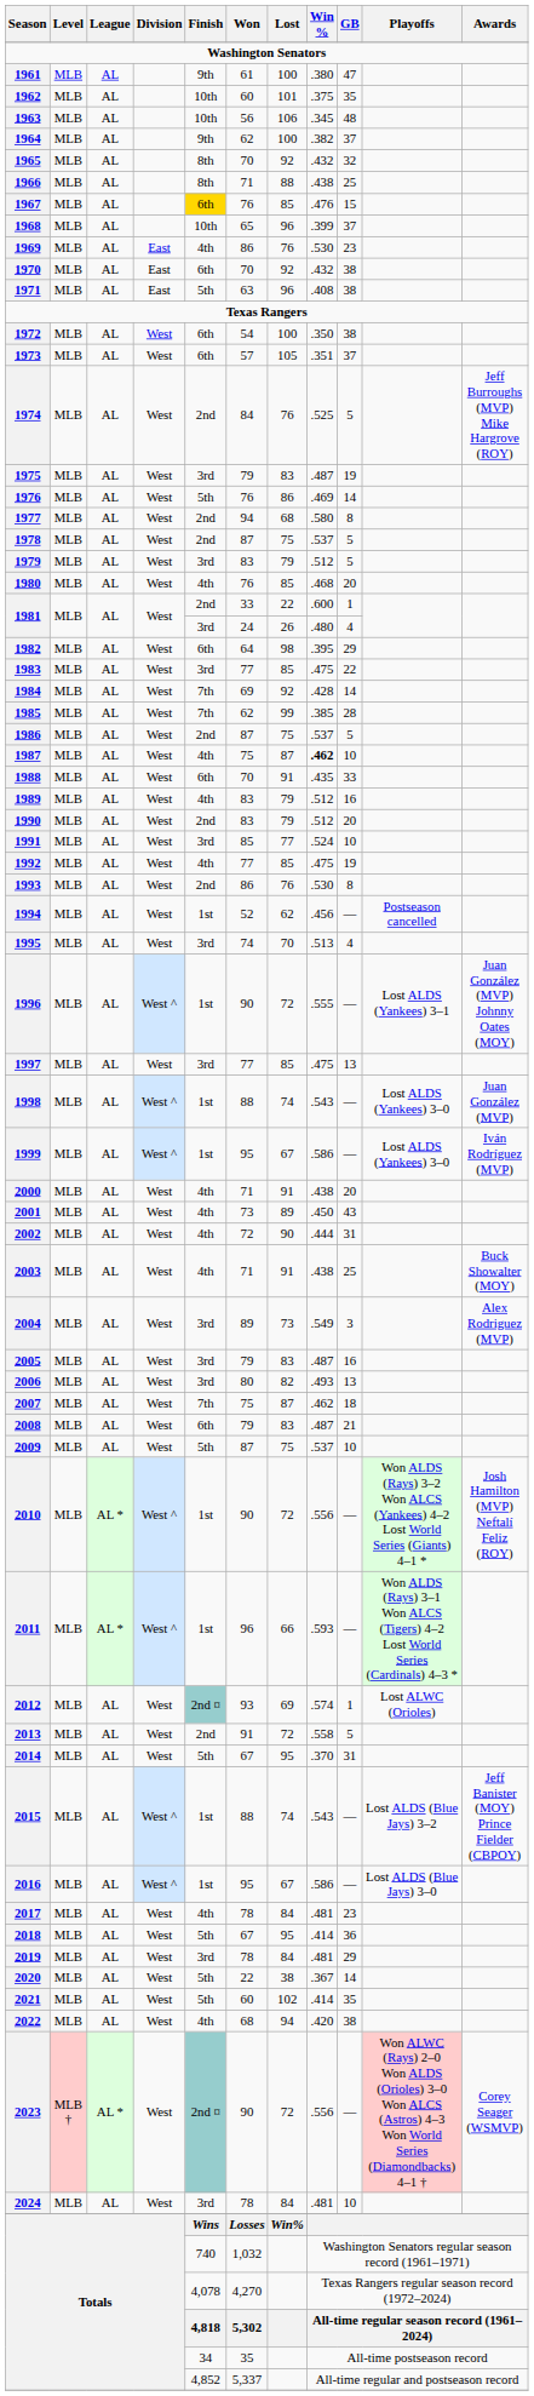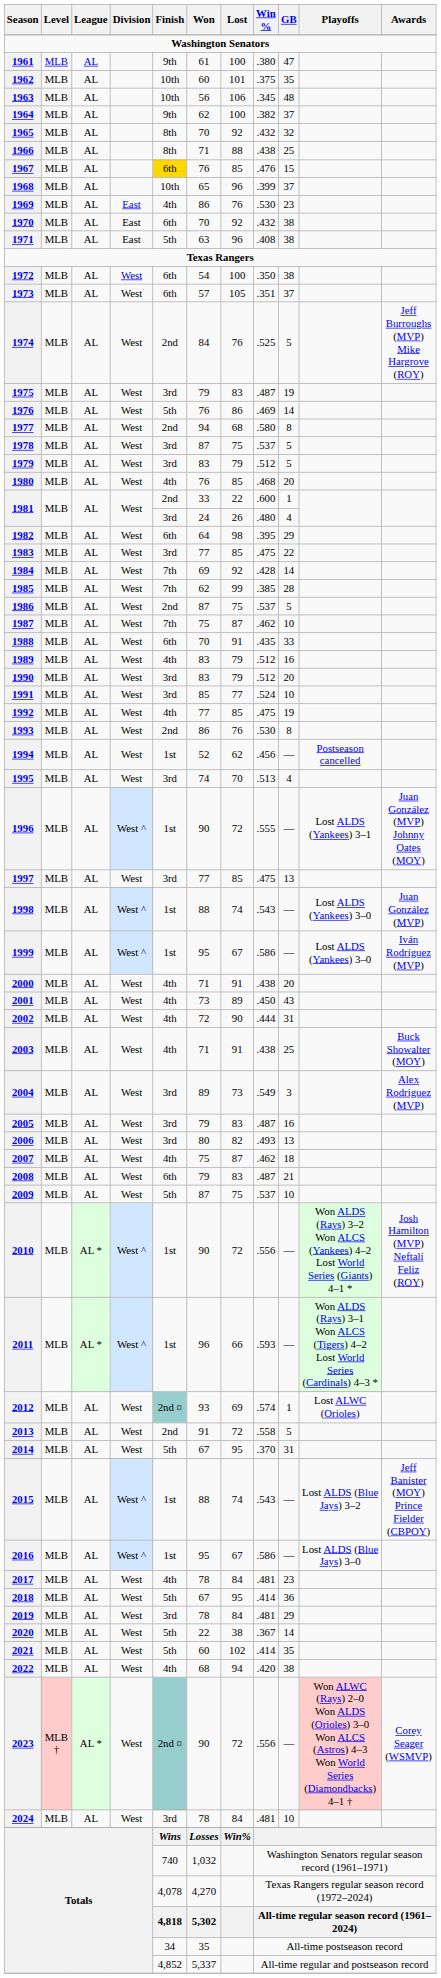 <table class="wikitable sortable plainrowheaders" style="text-align:center; font-size:95%">
 <tr>
 <th scope="col">Season</th>
 <th scope="col">Level</th>
 <th scope="col">League</th>
 <th scope="col">Division</th>
 <th scope="col">Finish</th>
 <th scope="col">Won</th>
 <th scope="col">Lost</th>
 <th scope="col"><a href='#'>Win %</a></th>
 <th scope="col"><a href='#'>GB</a></th>
 <th scope="col">Playoffs</th>
 <th scope="col">Awards</th>
 </tr>
 <tr>
 </tr>
 <tr>
 <td colspan="11"><strong>Washington Senators</strong></td>
 </tr>
 <tr>
 <th scope="row" style="text-align:center;"><a href='#'>1961</a></th>
 <td><a href='#'>MLB</a></td>
 <td><a href='#'>AL</a></td>
 <td></td>
 <td>9th</td>
 <td>61</td>
 <td>100</td>
 <td>.380</td>
 <td>47</td>
 <td></td>
 <td></td>
 </tr>
 <tr>
 <th scope="row" style="text-align:center;"><a href='#'>1962</a></th>
 <td>MLB</td>
 <td>AL</td>
 <td></td>
 <td>10th</td>
 <td>60</td>
 <td>101</td>
 <td>.375</td>
 <td>35</td>
 <td></td>
 <td></td>
 </tr>
 <tr>
 <th scope="row" style="text-align:center;"><a href='#'>1963</a></th>
 <td>MLB</td>
 <td>AL</td>
 <td></td>
 <td>10th</td>
 <td>56</td>
 <td>106</td>
 <td>.345</td>
 <td>48</td>
 <td></td>
 <td></td>
 </tr>
 <tr>
 <th scope="row" style="text-align:center;"><a href='#'>1964</a></th>
 <td>MLB</td>
 <td>AL</td>
 <td></td>
 <td>9th</td>
 <td>62</td>
 <td>100</td>
 <td>.382</td>
 <td>37</td>
 <td></td>
 <td></td>
 </tr>
 <tr>
 <th scope="row" style="text-align:center;"><a href='#'>1965</a></th>
 <td>MLB</td>
 <td>AL</td>
 <td></td>
 <td>8th</td>
 <td>70</td>
 <td>92</td>
 <td>.432</td>
 <td>32</td>
 <td></td>
 <td></td>
 </tr>
 <tr>
 <th scope="row" style="text-align:center;"><a href='#'>1966</a></th>
 <td>MLB</td>
 <td>AL</td>
 <td></td>
 <td>8th</td>
 <td>71</td>
 <td>88</td>
 <td>.438</td>
 <td>25</td>
 <td></td>
 <td></td>
 </tr>
 <tr>
 <th scope="row" style="text-align:center;"><a href='#'>1967</a></th>
 <td>MLB</td>
 <td>AL</td>
 <td></td>
 <td style="background: gold;">6th</td>
 <td>76</td>
 <td>85</td>
 <td>.476</td>
 <td>15</td>
 <td></td>
 <td></td>
 </tr>
 <tr>
 <th scope="row" style="text-align:center;"><a href='#'>1968</a></th>
 <td>MLB</td>
 <td>AL</td>
 <td></td>
 <td>10th</td>
 <td>65</td>
 <td>96</td>
 <td>.399</td>
 <td>37</td>
 <td></td>
 <td></td>
 </tr>
 <tr>
 <th scope="row" style="text-align:center;"><a href='#'>1969</a></th>
 <td>MLB</td>
 <td>AL</td>
 <td><a href='#'>East</a></td>
 <td>4th</td>
 <td>86</td>
 <td>76</td>
 <td>.530</td>
 <td>23</td>
 <td></td>
 <td></td>
 </tr>
 <tr>
 <th scope="row" style="text-align:center;"><a href='#'>1970</a></th>
 <td>MLB</td>
 <td>AL</td>
 <td>East</td>
 <td>6th</td>
 <td>70</td>
 <td>92</td>
 <td>.432</td>
 <td>38</td>
 <td></td>
 <td></td>
 </tr>
 <tr>
 <th scope="row" style="text-align:center;"><a href='#'>1971</a></th>
 <td>MLB</td>
 <td>AL</td>
 <td>East</td>
 <td>5th</td>
 <td>63</td>
 <td>96</td>
 <td>.408</td>
 <td>38</td>
 <td></td>
 <td></td>
 </tr>
 <tr>
 <td colspan="11"><strong>Texas Rangers</strong></td>
 </tr>
 <tr>
 <th scope="row" style="text-align:center;"><a href='#'>1972</a></th>
 <td>MLB</td>
 <td>AL</td>
 <td><a href='#'>West</a></td>
 <td>6th</td>
 <td>54</td>
 <td>100</td>
 <td>.350</td>
 <td>38</td>
 <td></td>
 <td></td>
 </tr>
 <tr>
 <th scope="row" style="text-align:center;"><a href='#'>1973</a></th>
 <td>MLB</td>
 <td>AL</td>
 <td>West</td>
 <td>6th</td>
 <td>57</td>
 <td>105</td>
 <td>.351</td>
 <td>37</td>
 <td></td>
 <td></td>
 </tr>
 <tr>
 <th scope="row" style="text-align:center;"><a href='#'>1974</a></th>
 <td>MLB</td>
 <td>AL</td>
 <td>West</td>
 <td>2nd</td>
 <td>84</td>
 <td>76</td>
 <td>.525</td>
 <td>5</td>
 <td></td>
 <td><a href='#'>Jeff Burroughs</a> (<a href='#'>MVP</a>)<br><a href='#'>Mike Hargrove</a> (<a href='#'>ROY</a>)</td>
 </tr>
 <tr>
 <th scope="row" style="text-align:center;"><a href='#'>1975</a></th>
 <td>MLB</td>
 <td>AL</td>
 <td>West</td>
 <td>3rd</td>
 <td>79</td>
 <td>83</td>
 <td>.487</td>
 <td>19</td>
 <td></td>
 <td></td>
 </tr>
 <tr>
 <th scope="row" style="text-align:center;"><a href='#'>1976</a></th>
 <td>MLB</td>
 <td>AL</td>
 <td>West</td>
 <td>5th</td>
 <td>76</td>
 <td>86</td>
 <td>.469</td>
 <td>14</td>
 <td></td>
 <td></td>
 </tr>
 <tr>
 <th scope="row" style="text-align:center;"><a href='#'>1977</a></th>
 <td>MLB</td>
 <td>AL</td>
 <td>West</td>
 <td>2nd</td>
 <td>94</td>
 <td>68</td>
 <td>.580</td>
 <td>8</td>
 <td></td>
 <td></td>
 </tr>
 <tr>
 <th scope="row" style="text-align:center;"><a href='#'>1978</a></th>
 <td>MLB</td>
 <td>AL</td>
 <td>West</td>
-<td>2nd</td>
+<td>3rd</td>
 <td>87</td>
 <td>75</td>
 <td>.537</td>
 <td>5</td>
 <td></td>
 <td></td>
 </tr>
 <tr>
 <th scope="row" style="text-align:center;"><a href='#'>1979</a></th>
 <td>MLB</td>
 <td>AL</td>
 <td>West</td>
 <td>3rd</td>
 <td>83</td>
 <td>79</td>
 <td>.512</td>
 <td>5</td>
 <td></td>
 <td></td>
 </tr>
 <tr>
 <th scope="row" style="text-align:center;"><a href='#'>1980</a></th>
 <td>MLB</td>
 <td>AL</td>
 <td>West</td>
 <td>4th</td>
 <td>76</td>
 <td>85</td>
 <td>.468</td>
 <td>20</td>
 <td></td>
 <td></td>
 </tr>
 <tr>
 <th scope="row" style="text-align:center;" rowspan="2"><a href='#'>1981</a></th>
 <td rowspan="2">MLB</td>
 <td rowspan="2">AL</td>
 <td rowspan="2">West</td>
 <td>2nd</td>
 <td>33</td>
 <td>22</td>
 <td>.600</td>
 <td>1</td>
 <td rowspan="2"></td>
 <td rowspan="2"></td>
 </tr>
 <tr>
 <td>3rd</td>
 <td>24</td>
 <td>26</td>
 <td>.480</td>
 <td>4</td>
 </tr>
 <tr>
 <th scope="row" style="text-align:center;"><a href='#'>1982</a></th>
 <td>MLB</td>
 <td>AL</td>
 <td>West</td>
 <td>6th</td>
 <td>64</td>
 <td>98</td>
 <td>.395</td>
 <td>29</td>
 <td></td>
 <td></td>
 </tr>
 <tr>
 <th scope="row" style="text-align:center;"><a href='#'>1983</a></th>
 <td>MLB</td>
 <td>AL</td>
 <td>West</td>
 <td>3rd</td>
 <td>77</td>
 <td>85</td>
 <td>.475</td>
 <td>22</td>
 <td></td>
 <td></td>
 </tr>
 <tr>
 <th scope="row" style="text-align:center;"><a href='#'>1984</a></th>
 <td>MLB</td>
 <td>AL</td>
 <td>West</td>
 <td>7th</td>
 <td>69</td>
 <td>92</td>
 <td>.428</td>
 <td>14</td>
 <td></td>
 <td></td>
 </tr>
 <tr>
 <th scope="row" style="text-align:center;"><a href='#'>1985</a></th>
 <td>MLB</td>
 <td>AL</td>
 <td>West</td>
 <td>7th</td>
 <td>62</td>
 <td>99</td>
 <td>.385</td>
 <td>28</td>
 <td></td>
 <td></td>
 </tr>
 <tr>
 <th scope="row" style="text-align:center;"><a href='#'>1986</a></th>
 <td>MLB</td>
 <td>AL</td>
 <td>West</td>
 <td>2nd</td>
 <td>87</td>
 <td>75</td>
 <td>.537</td>
 <td>5</td>
 <td></td>
 <td></td>
 </tr>
 <tr>
 <th scope="row" style="text-align:center;"><a href='#'>1987</a></th>
 <td>MLB</td>
 <td>AL</td>
 <td>West</td>
-<td>4th</td>
+<td>7th</td>
 <td>75</td>
 <td>87</td>
-<td><strong>.462</strong></td>
+<td>.462</td>
 <td>10</td>
 <td></td>
 <td></td>
 </tr>
 <tr>
 <th scope="row" style="text-align:center;"><a href='#'>1988</a></th>
 <td>MLB</td>
 <td>AL</td>
 <td>West</td>
 <td>6th</td>
 <td>70</td>
 <td>91</td>
 <td>.435</td>
 <td>33</td>
 <td></td>
 <td></td>
 </tr>
 <tr>
 <th scope="row" style="text-align:center;"><a href='#'>1989</a></th>
 <td>MLB</td>
 <td>AL</td>
 <td>West</td>
 <td>4th</td>
 <td>83</td>
 <td>79</td>
 <td>.512</td>
 <td>16</td>
 <td></td>
 <td></td>
 </tr>
 <tr>
 <th scope="row" style="text-align:center;"><a href='#'>1990</a></th>
 <td>MLB</td>
 <td>AL</td>
 <td>West</td>
-<td>2nd</td>
+<td>3rd</td>
 <td>83</td>
 <td>79</td>
 <td>.512</td>
 <td>20</td>
 <td></td>
 <td></td>
 </tr>
 <tr>
 <th scope="row" style="text-align:center;"><a href='#'>1991</a></th>
 <td>MLB</td>
 <td>AL</td>
 <td>West</td>
 <td>3rd</td>
 <td>85</td>
 <td>77</td>
 <td>.524</td>
 <td>10</td>
 <td></td>
 <td></td>
 </tr>
 <tr>
 <th scope="row" style="text-align:center;"><a href='#'>1992</a></th>
 <td>MLB</td>
 <td>AL</td>
 <td>West</td>
 <td>4th</td>
 <td>77</td>
 <td>85</td>
 <td>.475</td>
 <td>19</td>
 <td></td>
 <td></td>
 </tr>
 <tr>
 <th scope="row" style="text-align:center;"><a href='#'>1993</a></th>
 <td>MLB</td>
 <td>AL</td>
 <td>West</td>
 <td>2nd</td>
 <td>86</td>
 <td>76</td>
 <td>.530</td>
 <td>8</td>
 <td></td>
 <td></td>
 </tr>
 <tr>
 <th scope="row" style="text-align:center;"><a href='#'>1994</a></th>
 <td>MLB</td>
 <td>AL</td>
 <td>West</td>
 <td>1st</td>
 <td>52</td>
 <td>62</td>
 <td>.456</td>
 <td>—</td>
 <td><a href='#'>Postseason cancelled</a></td>
 <td></td>
 </tr>
 <tr>
 <th scope="row" style="text-align:center;"><a href='#'>1995</a></th>
 <td>MLB</td>
 <td>AL</td>
 <td>West</td>
 <td>3rd</td>
 <td>74</td>
 <td>70</td>
 <td>.513</td>
 <td>4</td>
 <td></td>
 <td></td>
 </tr>
 <tr>
 <th scope="row" style="text-align:center;"><a href='#'>1996</a></th>
 <td>MLB</td>
 <td>AL</td>
 <td style="background:#D0E7FF;">West ^</td>
 <td>1st</td>
 <td>90</td>
 <td>72</td>
 <td>.555</td>
 <td>—</td>
 <td>Lost <a href='#'>ALDS</a> (<a href='#'>Yankees</a>) 3–1</td>
 <td><a href='#'>Juan González</a> (<a href='#'>MVP</a>)<br><a href='#'>Johnny Oates</a> (<a href='#'>MOY</a>)</td>
 </tr>
 <tr>
 <th scope="row" style="text-align:center;"><a href='#'>1997</a></th>
 <td>MLB</td>
 <td>AL</td>
 <td>West</td>
 <td>3rd</td>
 <td>77</td>
 <td>85</td>
 <td>.475</td>
 <td>13</td>
 <td></td>
 <td></td>
 </tr>
 <tr>
 <th scope="row" style="text-align:center;"><a href='#'>1998</a></th>
 <td>MLB</td>
 <td>AL</td>
 <td style="background:#D0E7FF;">West ^</td>
 <td>1st</td>
 <td>88</td>
 <td>74</td>
 <td>.543</td>
 <td>—</td>
 <td>Lost <a href='#'>ALDS</a> (<a href='#'>Yankees</a>) 3–0</td>
 <td><a href='#'>Juan González</a> (<a href='#'>MVP</a>)</td>
 </tr>
 <tr>
 <th scope="row" style="text-align:center;"><a href='#'>1999</a></th>
 <td>MLB</td>
 <td>AL</td>
 <td style="background:#D0E7FF;">West ^</td>
 <td>1st</td>
 <td>95</td>
 <td>67</td>
 <td>.586</td>
 <td>—</td>
 <td>Lost <a href='#'>ALDS</a> (<a href='#'>Yankees</a>) 3–0</td>
 <td><a href='#'>Iván Rodríguez</a> (<a href='#'>MVP</a>)</td>
 </tr>
 <tr>
 <th scope="row" style="text-align:center;"><a href='#'>2000</a></th>
 <td>MLB</td>
 <td>AL</td>
 <td>West</td>
 <td>4th</td>
 <td>71</td>
 <td>91</td>
 <td>.438</td>
 <td>20</td>
 <td></td>
 <td></td>
 </tr>
 <tr>
 <th scope="row" style="text-align:center;"><a href='#'>2001</a></th>
 <td>MLB</td>
 <td>AL</td>
 <td>West</td>
 <td>4th</td>
 <td>73</td>
 <td>89</td>
 <td>.450</td>
 <td>43</td>
 <td></td>
 <td></td>
 </tr>
 <tr>
 <th scope="row" style="text-align:center;"><a href='#'>2002</a></th>
 <td>MLB</td>
 <td>AL</td>
 <td>West</td>
 <td>4th</td>
 <td>72</td>
 <td>90</td>
 <td>.444</td>
 <td>31</td>
 <td></td>
 <td></td>
 </tr>
 <tr>
 <th scope="row" style="text-align:center;"><a href='#'>2003</a></th>
 <td>MLB</td>
 <td>AL</td>
 <td>West</td>
 <td>4th</td>
 <td>71</td>
 <td>91</td>
 <td>.438</td>
 <td>25</td>
 <td></td>
 <td><a href='#'>Buck Showalter</a> (<a href='#'>MOY</a>)</td>
 </tr>
 <tr>
 <th scope="row" style="text-align:center;"><a href='#'>2004</a></th>
 <td>MLB</td>
 <td>AL</td>
 <td>West</td>
 <td>3rd</td>
 <td>89</td>
 <td>73</td>
 <td>.549</td>
 <td>3</td>
 <td></td>
 <td><a href='#'>Alex Rodriguez</a> (<a href='#'>MVP</a>)</td>
 </tr>
 <tr>
 <th scope="row" style="text-align:center;"><a href='#'>2005</a></th>
 <td>MLB</td>
 <td>AL</td>
 <td>West</td>
 <td>3rd</td>
 <td>79</td>
 <td>83</td>
 <td>.487</td>
 <td>16</td>
 <td></td>
 <td></td>
 </tr>
 <tr>
 <th scope="row" style="text-align:center;"><a href='#'>2006</a></th>
 <td>MLB</td>
 <td>AL</td>
 <td>West</td>
 <td>3rd</td>
 <td>80</td>
 <td>82</td>
 <td>.493</td>
 <td>13</td>
 <td></td>
 <td></td>
 </tr>
 <tr>
 <th scope="row" style="text-align:center;"><a href='#'>2007</a></th>
 <td>MLB</td>
 <td>AL</td>
 <td>West</td>
-<td>7th</td>
+<td>4th</td>
 <td>75</td>
 <td>87</td>
 <td>.462</td>
 <td>18</td>
 <td></td>
 <td></td>
 </tr>
 <tr>
 <th scope="row" style="text-align:center;"><a href='#'>2008</a></th>
 <td>MLB</td>
 <td>AL</td>
 <td>West</td>
 <td>6th</td>
 <td>79</td>
 <td>83</td>
 <td>.487</td>
 <td>21</td>
 <td></td>
 <td></td>
 </tr>
 <tr>
 <th scope="row" style="text-align:center;"><a href='#'>2009</a></th>
 <td>MLB</td>
 <td>AL</td>
 <td>West</td>
 <td>5th</td>
 <td>87</td>
 <td>75</td>
 <td>.537</td>
 <td>10</td>
 <td></td>
 <td></td>
 </tr>
 <tr>
 <th scope="row" style="text-align:center;"><a href='#'>2010</a></th>
 <td>MLB</td>
 <td style="background:#ddffdd;">AL *</td>
 <td style="background:#D0E7FF;">West ^</td>
 <td>1st</td>
 <td>90</td>
 <td>72</td>
 <td>.556</td>
 <td>—</td>
 <td bgcolor="#ddffdd">Won <a href='#'>ALDS</a> (<a href='#'>Rays</a>) 3–2<br>Won <a href='#'>ALCS</a> (<a href='#'>Yankees</a>) 4–2<br>Lost <a href='#'>World Series</a> (<a href='#'>Giants</a>) 4–1 *</td>
 <td><a href='#'>Josh Hamilton</a> (<a href='#'>MVP</a>)<br><a href='#'>Neftalí Feliz</a> (<a href='#'>ROY</a>)</td>
 </tr>
 <tr>
 <th scope="row" style="text-align:center;"><a href='#'>2011</a></th>
 <td>MLB</td>
 <td style="background:#ddffdd;">AL *</td>
 <td style="background:#D0E7FF;">West ^</td>
 <td>1st</td>
 <td>96</td>
 <td>66</td>
 <td>.593</td>
 <td>—</td>
 <td bgcolor="#ddffdd">Won <a href='#'>ALDS</a> (<a href='#'>Rays</a>) 3–1<br>Won <a href='#'>ALCS</a> (<a href='#'>Tigers</a>) 4–2<br>Lost <a href='#'>World Series</a> (<a href='#'>Cardinals</a>) 4–3 *</td>
 <td></td>
 </tr>
 <tr>
 <th scope="row" style="text-align:center;"><a href='#'>2012</a></th>
 <td>MLB</td>
 <td>AL</td>
 <td>West</td>
 <td style="background:#96CDCD;">2nd ¤</td>
 <td>93</td>
 <td>69</td>
 <td>.574</td>
 <td>1</td>
 <td>Lost <a href='#'>ALWC</a> (<a href='#'>Orioles</a>)</td>
 <td></td>
 </tr>
 <tr>
 <th scope="row" style="text-align:center;"><a href='#'>2013</a></th>
 <td>MLB</td>
 <td>AL</td>
 <td>West</td>
 <td>2nd </td>
 <td>91</td>
 <td>72</td>
 <td>.558</td>
 <td>5</td>
 <td></td>
 <td></td>
 </tr>
 <tr>
 <th scope="row" style="text-align:center;"><a href='#'>2014</a></th>
 <td>MLB</td>
 <td>AL</td>
 <td>West</td>
 <td>5th</td>
 <td>67</td>
 <td>95</td>
 <td>.370</td>
 <td>31</td>
 <td></td>
 <td></td>
 </tr>
 <tr>
 <th scope="row" style="text-align:center;"><a href='#'>2015</a></th>
 <td>MLB</td>
 <td>AL</td>
 <td style="background:#D0E7FF;">West ^</td>
 <td>1st</td>
 <td>88</td>
 <td>74</td>
 <td>.543</td>
 <td>—</td>
 <td>Lost <a href='#'>ALDS</a> (<a href='#'>Blue Jays</a>) 3–2</td>
 <td><a href='#'>Jeff Banister</a> (<a href='#'>MOY</a>)<br><a href='#'>Prince Fielder</a> (<a href='#'>CBPOY</a>)</td>
 </tr>
 <tr>
 <th scope="row" style="text-align:center;"><a href='#'>2016</a></th>
 <td>MLB</td>
 <td>AL</td>
 <td style="background:#D0E7FF;">West ^</td>
 <td>1st</td>
 <td>95</td>
 <td>67</td>
 <td>.586</td>
 <td>—</td>
 <td>Lost <a href='#'>ALDS</a> (<a href='#'>Blue Jays</a>) 3–0</td>
 <td></td>
 </tr>
 <tr>
 <th scope="row" style="text-align:center;"><a href='#'>2017</a></th>
 <td>MLB</td>
 <td>AL</td>
 <td>West</td>
 <td>4th</td>
 <td>78</td>
 <td>84</td>
 <td>.481</td>
 <td>23</td>
 <td></td>
 <td></td>
 </tr>
 <tr>
 <th scope="row" style="text-align:center;"><a href='#'>2018</a></th>
 <td>MLB</td>
 <td>AL</td>
 <td>West</td>
 <td>5th</td>
 <td>67</td>
 <td>95</td>
 <td>.414</td>
 <td>36</td>
 <td></td>
 <td></td>
 </tr>
 <tr>
 <th scope="row" style="text-align:center;"><a href='#'>2019</a></th>
 <td>MLB</td>
 <td>AL</td>
 <td>West</td>
 <td>3rd</td>
 <td>78</td>
 <td>84</td>
 <td>.481</td>
 <td>29</td>
 <td></td>
 <td></td>
 </tr>
 <tr>
 <th scope="row" style="text-align:center;"><a href='#'>2020</a></th>
 <td>MLB</td>
 <td>AL</td>
 <td>West</td>
 <td>5th</td>
 <td>22</td>
 <td>38</td>
 <td>.367</td>
 <td>14</td>
 <td></td>
 <td></td>
 </tr>
 <tr>
 <th scope="row" style="text-align:center;"><a href='#'>2021</a></th>
 <td>MLB</td>
 <td>AL</td>
 <td>West</td>
 <td>5th</td>
 <td>60</td>
 <td>102</td>
 <td>.414</td>
 <td>35</td>
 <td></td>
 <td></td>
 </tr>
 <tr>
 <th scope="row" style="text-align:center;"><a href='#'>2022</a></th>
 <td>MLB</td>
 <td>AL</td>
 <td>West</td>
 <td>4th</td>
 <td>68</td>
 <td>94</td>
 <td>.420</td>
 <td>38</td>
 <td></td>
 <td></td>
 </tr>
 <tr>
 <th scope="row" style="text-align:center;"><a href='#'>2023</a></th>
 <td bgcolor="#FFCCCC">MLB †</td>
 <td style="background:#ddffdd;">AL *</td>
 <td>West</td>
 <td style="background:#96CDCD;">2nd ¤</td>
 <td>90</td>
 <td>72</td>
 <td>.556</td>
 <td>—</td>
 <td bgcolor="#FFCCCC">Won <a href='#'>ALWC</a> (<a href='#'>Rays</a>) 2–0<br> Won <a href='#'>ALDS</a> (<a href='#'>Orioles</a>) 3–0 <br> Won <a href='#'>ALCS</a> (<a href='#'>Astros</a>) 4–3 <br> Won <a href='#'>World Series</a> (<a href='#'>Diamondbacks</a>) 4–1 †</td>
 <td><a href='#'>Corey Seager</a> (<a href='#'>WSMVP</a>)</td>
 </tr>
 <tr>
 <th scope="row" style="text-align:center;"><a href='#'>2024</a></th>
 <td>MLB</td>
 <td>AL</td>
 <td>West</td>
 <td>3rd</td>
 <td>78</td>
 <td>84</td>
 <td>.481</td>
 <td>10</td>
 <td></td>
 <td></td>
 </tr>
 <tr>
 </tr>
 <tr>
 <th colspan=4 rowspan=6>Totals</th>
 <th><em>Wins</em></th>
 <th><em>Losses</em></th>
 <th><em>Win%</em></th>
 <th colspan=4></th>
 </tr>
 <tr>
 <td>740</td>
 <td>1,032</td>
 <td></td>
 <td colspan=4>Washington Senators regular season record (1961–1971)</td>
 </tr>
 <tr>
 <td>4,078</td>
 <td>4,270</td>
 <td></td>
 <td colspan=4>Texas Rangers regular season record (1972–2024)</td>
 </tr>
 <tr>
 <th>4,818</th>
 <th>5,302</th>
 <th></th>
 <th colspan=4>All-time regular season record (1961–2024)</th>
 </tr>
 <tr>
 <td>34</td>
 <td>35</td>
 <td></td>
 <td colspan=4>All-time postseason record</td>
 </tr>
 <tr>
 <td>4,852</td>
 <td>5,337</td>
 <td></td>
 <td colspan=4>All-time regular and postseason record</td>
 </tr>
 <tr>
 </tr>
 </table>
